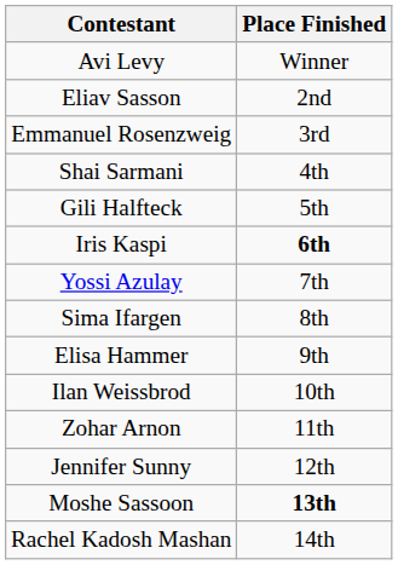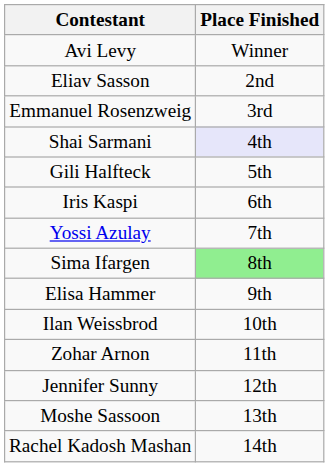 <table class="wikitable" style="text-align:center">
 <tr>
 <th>Contestant</th>
 <th>Place Finished</th>
 </tr>
 <tr>
 <td>Avi Levy</td>
 <td>Winner</td>
 </tr>
 <tr>
 <td>Eliav Sasson</td>
 <td>2nd</td>
 </tr>
 <tr>
 <td>Emmanuel Rosenzweig</td>
 <td>3rd</td>
 </tr>
 <tr>
 <td>Shai Sarmani</td>
-<td>4th</td>
+<td style="background: lavender;">4th</td>
 </tr>
 <tr>
 <td>Gili Halfteck</td>
 <td>5th</td>
 </tr>
 <tr>
 <td>Iris Kaspi</td>
-<td><strong>6th</strong></td>
+<td>6th</td>
 </tr>
 <tr>
 <td><a href='#'>Yossi Azulay</a></td>
 <td>7th</td>
 </tr>
 <tr>
 <td>Sima Ifargen</td>
-<td>8th</td>
+<td style="background: lightgreen;">8th</td>
 </tr>
 <tr>
 <td>Elisa Hammer</td>
 <td>9th</td>
 </tr>
 <tr>
 <td>Ilan Weissbrod</td>
 <td>10th</td>
 </tr>
 <tr>
 <td>Zohar Arnon</td>
 <td>11th</td>
 </tr>
 <tr>
 <td>Jennifer Sunny</td>
 <td>12th</td>
 </tr>
 <tr>
 <td>Moshe Sassoon</td>
-<td><strong>13th</strong></td>
+<td>13th</td>
 </tr>
 <tr>
 <td>Rachel Kadosh Mashan</td>
 <td>14th</td>
 </tr>
 </table>
